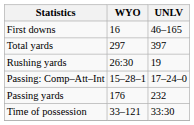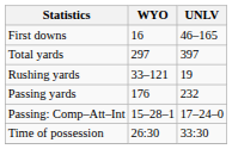 <table class="wikitable" style="float: left;">
 <tr>
 <th>Statistics</th>
 <th>WYO</th>
 <th>UNLV</th>
 </tr>
 <tr>
 <td>First downs</td>
 <td>16</td>
 <td>46–165</td>
 </tr>
 <tr>
 <td>Total yards</td>
 <td>297</td>
 <td>397</td>
 </tr>
 <tr>
 <td>Rushing yards</td>
-<td>26:30</td>
+<td>33–121</td>
 <td>19</td>
+</tr>
+<tr>
+<td>Passing yards</td>
+<td>176</td>
+<td>232</td>
 </tr>
 <tr>
 <td>Passing: Comp–Att–Int</td>
 <td>15–28–1</td>
 <td>17–24–0</td>
 </tr>
 <tr>
-<td>Passing yards</td>
-<td>176</td>
-<td>232</td>
-</tr>
-<tr>
 <td>Time of possession</td>
-<td>33–121</td>
+<td>26:30</td>
 <td>33:30</td>
 </tr>
 <tr>
 </tr>
 </table>
